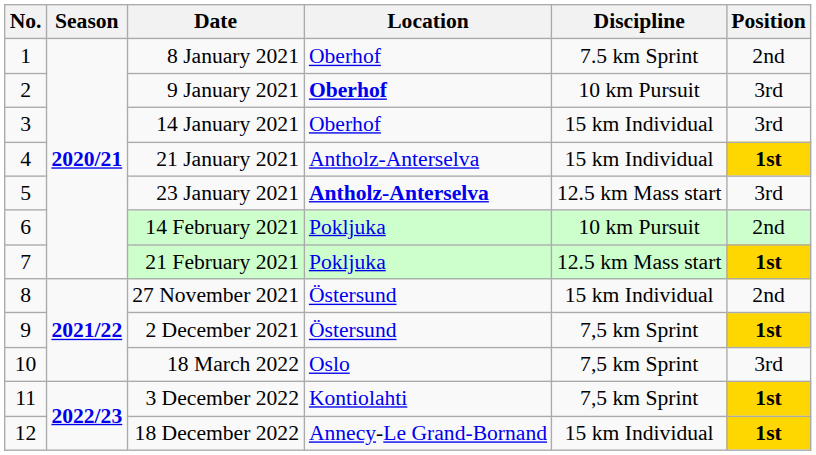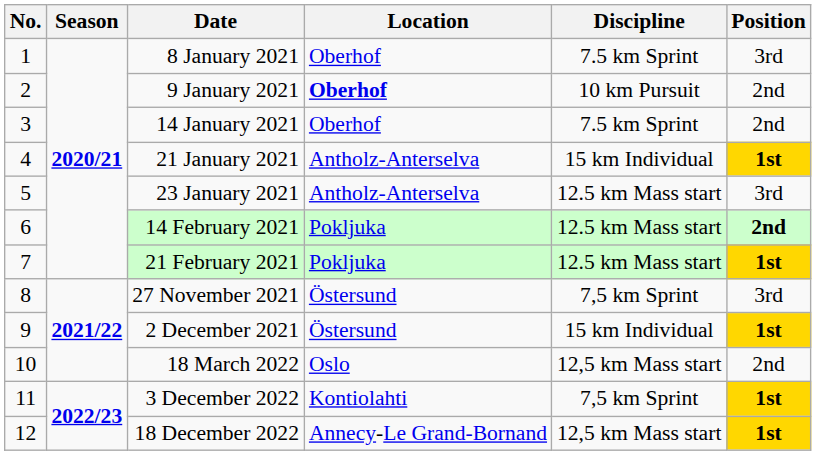 <table class="wikitable" style="text-align:center;">
 <tr>
 <th>No.</th>
 <th>Season</th>
 <th>Date</th>
 <th>Location</th>
 <th>Discipline</th>
 <th>Position</th>
 </tr>
 <tr>
 <td>1</td>
 <td rowspan=7><strong><a href='#'>2020/21</a></strong></td>
 <td align="right">8 January 2021</td>
 <td align="left"> <a href='#'>Oberhof</a></td>
 <td>7.5 km Sprint</td>
-<td>2nd</td>
+<td>3rd</td>
 </tr>
 <tr>
 <td>2</td>
 <td align="right">9 January 2021</td>
 <td align="left"><strong> <a href='#'>Oberhof</a></strong></td>
 <td>10 km Pursuit</td>
-<td>3rd</td>
+<td>2nd</td>
 </tr>
 <tr>
 <td>3</td>
 <td align="right">14 January 2021</td>
 <td align="left"> <a href='#'>Oberhof</a></td>
-<td>15 km Individual</td>
-<td>3rd</td>
+<td>7.5 km Sprint</td>
+<td>2nd</td>
 </tr>
 <tr>
 <td>4</td>
 <td align="right">21 January 2021</td>
 <td align="left"> <a href='#'>Antholz-Anterselva</a></td>
 <td>15 km Individual</td>
 <td bgcolor=gold><strong>1st</strong></td>
 </tr>
 <tr>
 <td>5</td>
 <td align="right">23 January 2021</td>
-<td align="left"><strong> <a href='#'>Antholz-Anterselva</a></strong></td>
+<td align="left"> <a href='#'>Antholz-Anterselva</a></td>
 <td>12.5 km Mass start</td>
 <td>3rd</td>
 </tr>
 <tr>
 <td>6</td>
 <td align="right"  style="background:#CCFFCC">14 February 2021</td>
 <td align="left"  style="background:#CCFFCC"> <a href='#'>Pokljuka</a></td>
-<td style="background:#CCFFCC">10 km Pursuit</td>
-<td style="background:#CCFFCC">2nd</td>
+<td style="background:#CCFFCC">12.5 km Mass start</td>
+<td style="background:#CCFFCC"><strong>2nd</strong></td>
 </tr>
 <tr>
 <td>7</td>
 <td align="right"  style="background:#CCFFCC">21 February 2021</td>
 <td align="left"  style="background:#CCFFCC"> <a href='#'>Pokljuka</a></td>
 <td style="background:#CCFFCC">12.5 km Mass start</td>
 <td style="background:gold"><strong>1st</strong></td>
 </tr>
 <tr>
 <td>8</td>
 <td rowspan=3><strong><a href='#'>2021/22</a></strong></td>
 <td align="right">27 November 2021</td>
 <td align="left"> <a href='#'>Östersund</a></td>
-<td>15 km Individual</td>
-<td>2nd</td>
+<td>7,5 km Sprint</td>
+<td>3rd</td>
 </tr>
 <tr>
 <td>9</td>
 <td align="right">2 December 2021</td>
 <td align="left"> <a href='#'>Östersund</a></td>
-<td>7,5 km Sprint</td>
+<td>15 km Individual</td>
 <td bgcolor=gold><strong>1st</strong></td>
 </tr>
 <tr>
 <td>10</td>
 <td align="right">18 March 2022</td>
 <td align="left"> <a href='#'>Oslo</a></td>
-<td>7,5 km Sprint</td>
-<td>3rd</td>
+<td>12,5 km Mass start</td>
+<td>2nd</td>
 </tr>
 <tr>
 <td>11</td>
 <td rowspan=2><strong><a href='#'>2022/23</a></strong></td>
 <td align="right">3 December 2022</td>
 <td align="left"> <a href='#'>Kontiolahti</a></td>
 <td>7,5 km Sprint</td>
 <td bgcolor=gold><strong>1st</strong></td>
 </tr>
 <tr>
 <td>12</td>
 <td align="right">18 December 2022</td>
 <td align="left"> <a href='#'>Annecy</a>-<a href='#'>Le Grand-Bornand</a></td>
-<td>15 km Individual</td>
+<td>12,5 km Mass start</td>
 <td bgcolor=gold><strong>1st</strong></td>
 </tr>
 </table>
